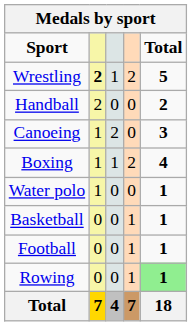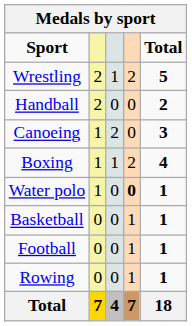 <table class="wikitable" style="font-size:85%">
 <tr style="background:#efefef;">
 <th colspan=5>Medals by sport</th>
 </tr>
 <tr align=center>
 <td><strong>Sport</strong></td>
 <td bgcolor=#f7f6a8></td>
 <td bgcolor=#dce5e5></td>
 <td bgcolor=#ffdab9></td>
 <td><strong>Total</strong></td>
 </tr>
 <tr align=center>
 <td><a href='#'>Wrestling</a></td>
-<td style="background:#F7F6A8;"><strong>2</strong></td>
+<td style="background:#F7F6A8;">2</td>
 <td style="background:#DCE5E5;">1</td>
 <td style="background:#FFDAB9;">2</td>
 <td><strong>5</strong></td>
 </tr>
 <tr align=center>
 <td><a href='#'>Handball</a></td>
 <td style="background:#F7F6A8;">2</td>
 <td style="background:#DCE5E5;">0</td>
 <td style="background:#FFDAB9;">0</td>
 <td><strong>2</strong></td>
 </tr>
 <tr align=center>
 <td><a href='#'>Canoeing</a></td>
 <td style="background:#F7F6A8;">1</td>
 <td style="background:#DCE5E5;">2</td>
 <td style="background:#FFDAB9;">0</td>
 <td><strong>3</strong></td>
 </tr>
 <tr align=center>
 <td><a href='#'>Boxing</a></td>
 <td style="background:#F7F6A8;">1</td>
 <td style="background:#DCE5E5;">1</td>
 <td style="background:#FFDAB9;">2</td>
 <td><strong>4</strong></td>
 </tr>
 <tr align=center>
 <td><a href='#'>Water polo</a></td>
 <td style="background:#F7F6A8;">1</td>
 <td style="background:#DCE5E5;">0</td>
-<td style="background:#FFDAB9;">0</td>
+<td style="background:#FFDAB9;"><strong>0</strong></td>
 <td><strong>1</strong></td>
 </tr>
 <tr align=center>
 <td><a href='#'>Basketball</a></td>
 <td style="background:#F7F6A8;">0</td>
 <td style="background:#DCE5E5;">0</td>
 <td style="background:#FFDAB9;">1</td>
 <td><strong>1</strong></td>
 </tr>
 <tr align=center>
 <td><a href='#'>Football</a></td>
 <td style="background:#F7F6A8;">0</td>
 <td style="background:#DCE5E5;">0</td>
 <td style="background:#FFDAB9;">1</td>
 <td><strong>1</strong></td>
 </tr>
 <tr align=center>
 <td><a href='#'>Rowing</a></td>
 <td style="background:#F7F6A8;">0</td>
 <td style="background:#DCE5E5;">0</td>
 <td style="background:#FFDAB9;">1</td>
-<td style="background: lightgreen;"><strong>1</strong></td>
+<td><strong>1</strong></td>
 </tr>
 <tr align=center>
 <th>Total</th>
 <th style="background:gold;">7</th>
 <th style="background:silver;">4</th>
 <th style="background:#c96;">7</th>
 <th>18</th>
 </tr>
 </table>
